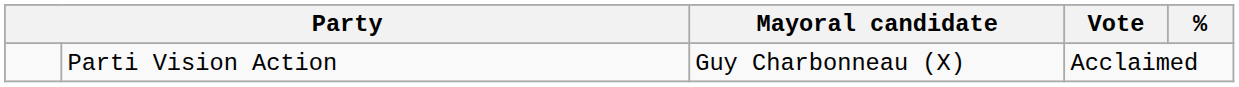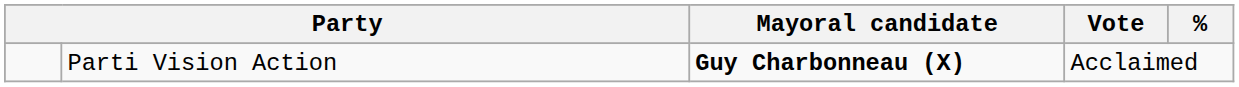 <table class="wikitable">
 <tr>
 <th bgcolor="#DDDDFF" width="370px" colspan="2">Party</th>
 <th bgcolor="#DDDDFF" width="200px">Mayoral candidate</th>
 <th bgcolor="#DDDDFF" width="50px">Vote</th>
 <th bgcolor="#DDDDFF" width="30px">%</th>
 </tr>
 <tr>
 <td> </td>
 <td>Parti Vision Action</td>
-<td>Guy Charbonneau  (X)</td>
+<td><strong>Guy Charbonneau  (X)</strong></td>
 <td colspan="2">Acclaimed</td>
 </tr>
 </table>
